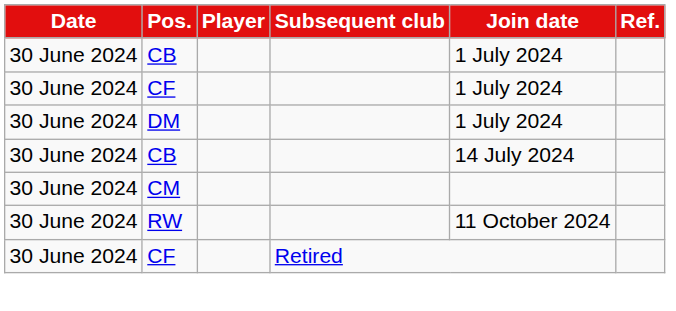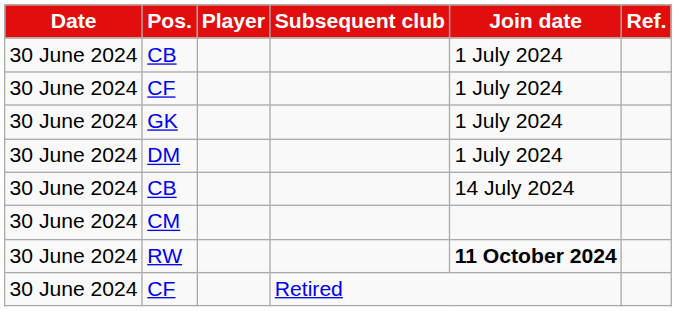 <table class="wikitable plainrowheaders sortable">
 <tr>
 <th style="background:#e20e0e;color:white;">Date</th>
 <th style="background:#e20e0e;color:white;">Pos.</th>
 <th style="background:#e20e0e;color:white;">Player</th>
 <th style="background:#e20e0e;color:white;">Subsequent club</th>
 <th style="background:#e20e0e;color:white;">Join date</th>
 <th style="background:#e20e0e;color:white;">Ref.</th>
 </tr>
 <tr>
 <td>30 June 2024</td>
 <td><a href='#'>CB</a></td>
 <td></td>
 <td></td>
 <td>1 July 2024</td>
 <td></td>
 </tr>
 <tr>
 <td>30 June 2024</td>
 <td><a href='#'>CF</a></td>
+<td></td>
+<td></td>
+<td>1 July 2024</td>
+<td></td>
+</tr>
+<tr>
+<td>30 June 2024</td>
+<td><a href='#'>GK</a></td>
 <td></td>
 <td></td>
 <td>1 July 2024</td>
 <td></td>
 </tr>
 <tr>
 <td>30 June 2024</td>
 <td><a href='#'>DM</a></td>
 <td></td>
 <td></td>
 <td>1 July 2024</td>
 <td></td>
 </tr>
 <tr>
 <td>30 June 2024</td>
 <td><a href='#'>CB</a></td>
 <td></td>
 <td></td>
 <td>14 July 2024</td>
 <td></td>
 </tr>
 <tr>
 <td>30 June 2024</td>
 <td><a href='#'>CM</a></td>
 <td></td>
 <td></td>
 <td></td>
 <td></td>
 </tr>
 <tr>
 <td>30 June 2024</td>
 <td><a href='#'>RW</a></td>
 <td></td>
 <td></td>
-<td>11 October 2024</td>
+<td><strong>11 October 2024</strong></td>
 <td></td>
 </tr>
 <tr>
 <td>30 June 2024</td>
 <td><a href='#'>CF</a></td>
 <td></td>
 <td colspan="2"><a href='#'>Retired</a></td>
 <td></td>
 </tr>
 </table>
